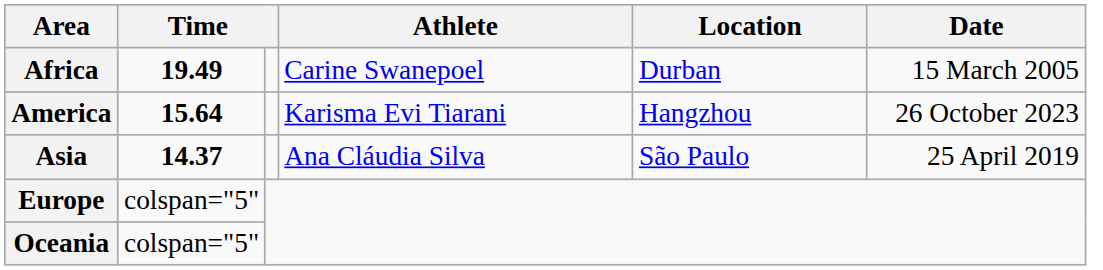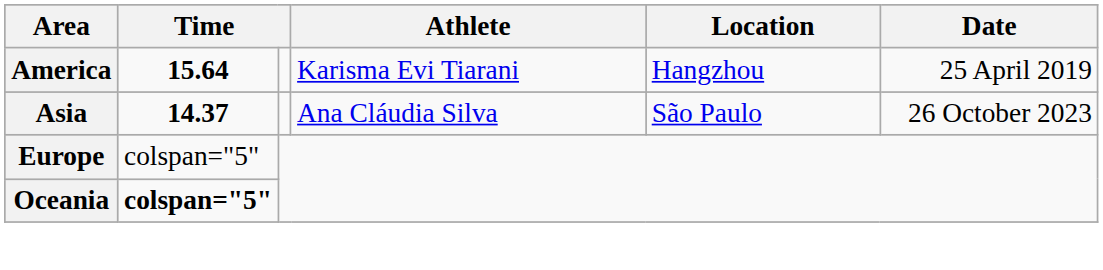 <table class="wikitable">
 <tr>
 <th width="45">Area</th>
 <th width="80" colspan="2">Time</th>
 <th width="200">Athlete</th>
 <th width="130">Location</th>
 <th width="120">Date</th>
 </tr>
 <tr>
-<th>Africa</th>
-<td align="center"><strong>19.49</strong></td>
-<td align="center"></td>
-<td> <a href='#'>Carine Swanepoel</a></td>
-<td> <a href='#'>Durban</a></td>
-<td align="right">15 March 2005</td>
-</tr>
-<tr>
 <th>America</th>
 <td align="center"><strong>15.64</strong></td>
 <td align="center"></td>
 <td> <a href='#'>Karisma Evi Tiarani</a></td>
 <td> <a href='#'>Hangzhou</a></td>
-<td align="right">26 October 2023</td>
+<td align="right">25 April 2019</td>
 </tr>
 <tr>
 <th>Asia</th>
 <td align="center"><strong>14.37</strong></td>
 <td align="center"><strong></strong></td>
 <td> <a href='#'>Ana Cláudia Silva</a></td>
 <td> <a href='#'>São Paulo</a></td>
-<td align="right">25 April 2019</td>
+<td align="right">26 October 2023</td>
 </tr>
 <tr>
 <th>Europe</th>
 <td>colspan="5" </td>
 </tr>
 <tr>
 <th>Oceania</th>
-<td>colspan="5" </td>
+<td><strong>colspan="5" </strong></td>
 </tr>
 </table>
